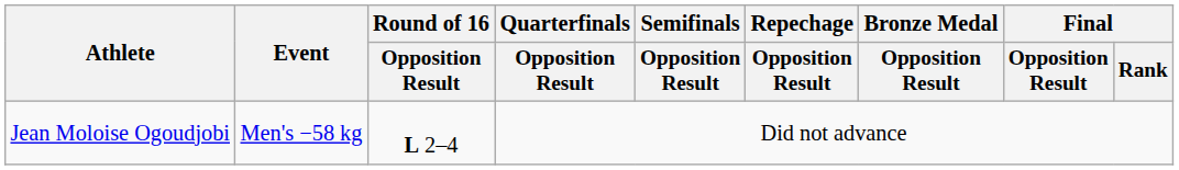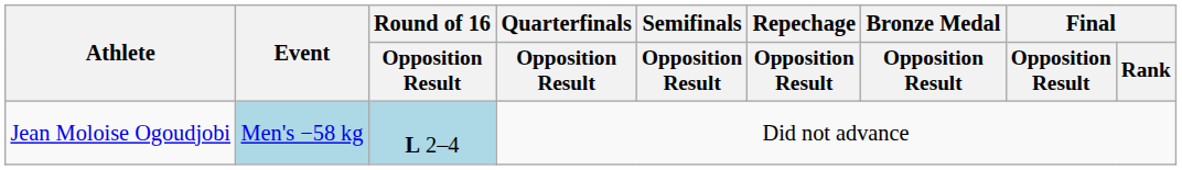 <table class="wikitable" style="font-size:90%">
 <tr>
 <th rowspan="2">Athlete</th>
 <th rowspan="2">Event</th>
 <th>Round of 16</th>
 <th>Quarterfinals</th>
 <th>Semifinals</th>
 <th>Repechage</th>
 <th>Bronze Medal</th>
 <th colspan=2>Final</th>
 </tr>
 <tr style="font-size:95%">
 <th>Opposition<br>Result</th>
 <th>Opposition<br>Result</th>
 <th>Opposition<br>Result</th>
 <th>Opposition<br>Result</th>
 <th>Opposition<br>Result</th>
 <th>Opposition<br>Result</th>
 <th>Rank</th>
 </tr>
 <tr align=center>
 <td align=left><a href='#'>Jean Moloise Ogoudjobi</a></td>
-<td align=left><a href='#'>Men's −58 kg</a></td>
-<td><br><strong>L</strong> 2–4</td>
+<td align=left style="background: lightblue;"><a href='#'>Men's −58 kg</a></td>
+<td style="background: lightblue;"><br><strong>L</strong> 2–4</td>
 <td colspan=6>Did not advance</td>
 </tr>
 </table>
